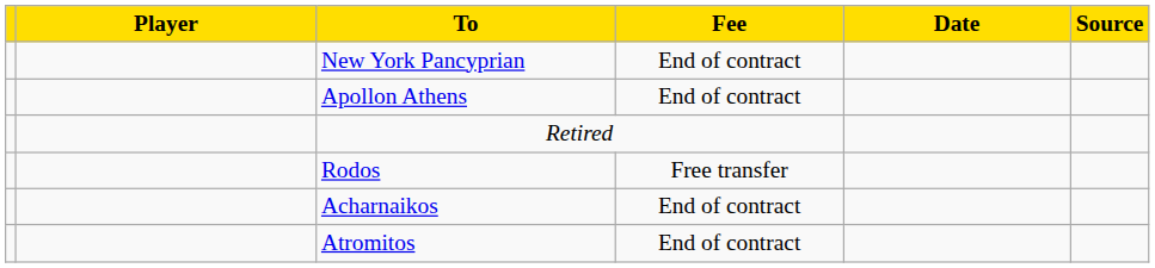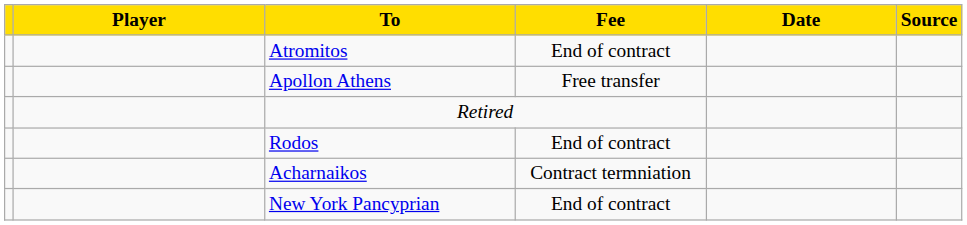 <table class="wikitable sortable">
 <tr>
 <th style="background:#FFDE00"></th>
 <th width=200 style="background:#FFDE00">Player</th>
 <th width=200 style="background:#FFDE00">To</th>
 <th width=150 style="background:#FFDE00">Fee</th>
 <th width=150 style="background:#FFDE00">Date</th>
 <th style="background:#FFDE00">Source</th>
 </tr>
 <tr>
 <td align=center></td>
 <td></td>
-<td> <a href='#'>New York Pancyprian</a></td>
+<td> <a href='#'>Atromitos</a></td>
 <td align=center>End of contract</td>
 <td align=center></td>
 <td align=center></td>
 </tr>
 <tr>
 <td align=center></td>
 <td></td>
 <td> <a href='#'>Apollon Athens</a></td>
-<td align=center>End of contract</td>
+<td align=center>Free transfer</td>
 <td align=center></td>
 <td align=center></td>
 </tr>
 <tr>
 <td align=center></td>
 <td></td>
 <td align=center colspan=2><em>Retired</em></td>
 <td align=center></td>
 <td align=center></td>
 </tr>
 <tr>
 <td align=center></td>
 <td></td>
 <td> <a href='#'>Rodos</a></td>
-<td align=center>Free transfer</td>
+<td align=center>End of contract</td>
 <td align=center></td>
 <td align=center></td>
 </tr>
 <tr>
 <td align=center></td>
 <td></td>
 <td> <a href='#'>Acharnaikos</a></td>
-<td align=center>End of contract</td>
+<td align=center>Contract termniation</td>
 <td align=center></td>
 <td align=center></td>
 </tr>
 <tr>
 <td align=center></td>
 <td></td>
-<td> <a href='#'>Atromitos</a></td>
+<td> <a href='#'>New York Pancyprian</a></td>
 <td align=center>End of contract</td>
 <td align=center></td>
 <td align=center></td>
 </tr>
 </table>
